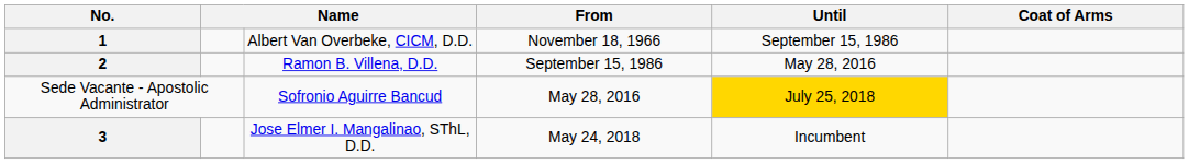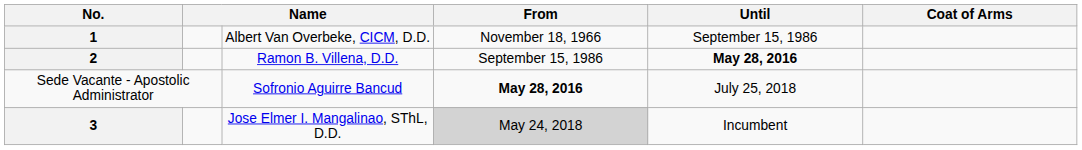 <table class="wikitable" style="text-align:center;">
 <tr>
 <th scope="col">No.</th>
 <th colspan="2" scope="col" style="border-right:none;">Name</th>
 <th scope="col" style="width:20%;">From</th>
 <th scope="col" style="width:20%;">Until</th>
 <th scope="col" style="width:20%;">Coat of Arms</th>
 </tr>
 <tr>
 <th scope="row">1</th>
 <td></td>
 <td>Albert Van Overbeke, <a href='#'>CICM</a>, D.D.</td>
 <td>November 18, 1966</td>
 <td>September 15, 1986</td>
 <td></td>
 </tr>
 <tr>
 <th scope="row">2</th>
 <td></td>
 <td><a href='#'>Ramon B. Villena, D.D.</a></td>
 <td>September 15, 1986</td>
-<td>May 28, 2016</td>
+<td><strong>May 28, 2016</strong></td>
 <td></td>
 </tr>
 <tr>
 <td colspan="2">Sede Vacante - Apostolic Administrator</td>
 <td><a href='#'>Sofronio Aguirre Bancud</a></td>
-<td>May 28, 2016</td>
-<td style="background: gold;">July 25, 2018</td>
+<td><strong>May 28, 2016</strong></td>
+<td>July 25, 2018</td>
 <td></td>
 </tr>
 <tr>
 <th>3</th>
 <td></td>
 <td><a href='#'>Jose Elmer I. Mangalinao</a>, SThL, D.D.</td>
-<td>May 24, 2018</td>
+<td style="background: lightgrey;">May 24, 2018</td>
 <td>Incumbent</td>
 <td></td>
 </tr>
 </table>
